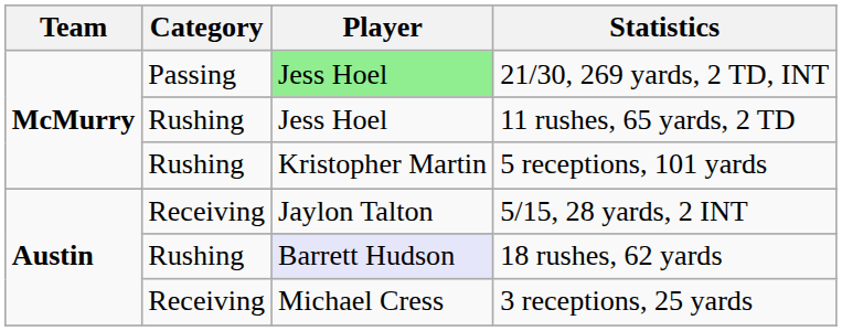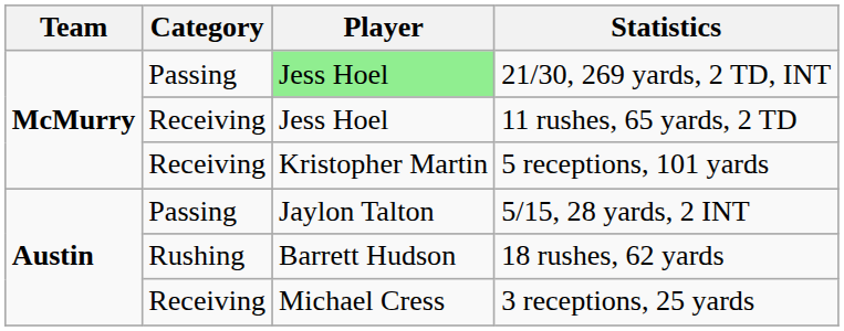 <table class="wikitable" style="float: left;">
 <tr>
 <th>Team</th>
 <th>Category</th>
 <th>Player</th>
 <th>Statistics</th>
 </tr>
 <tr>
 <td rowspan=3><strong>McMurry</strong></td>
 <td>Passing</td>
 <td style="background: lightgreen;">Jess Hoel</td>
 <td>21/30, 269 yards, 2 TD, INT</td>
 </tr>
 <tr>
-<td>Rushing</td>
+<td>Receiving</td>
 <td>Jess Hoel</td>
 <td>11 rushes, 65 yards, 2 TD</td>
 </tr>
 <tr>
-<td>Rushing</td>
+<td>Receiving</td>
 <td>Kristopher Martin</td>
 <td>5 receptions, 101 yards</td>
 </tr>
 <tr>
 <td rowspan=3><strong>Austin</strong></td>
-<td>Receiving</td>
+<td>Passing</td>
 <td>Jaylon Talton</td>
 <td>5/15, 28 yards, 2 INT</td>
 </tr>
 <tr>
 <td>Rushing</td>
-<td style="background: lavender;">Barrett Hudson</td>
+<td>Barrett Hudson</td>
 <td>18 rushes, 62 yards</td>
 </tr>
 <tr>
 <td>Receiving</td>
 <td>Michael Cress</td>
 <td>3 receptions, 25 yards</td>
 </tr>
 </table>
